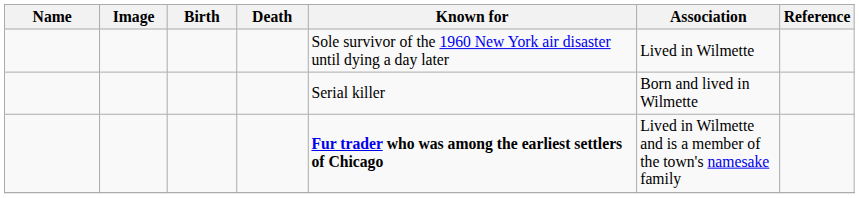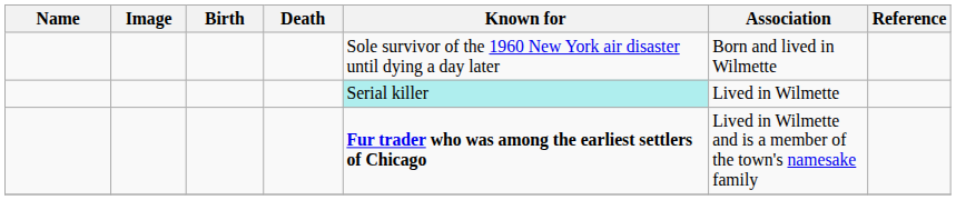 <table class="wikitable sortable">
 <tr>
 <th scope="col" width="140">Name</th>
 <th scope="col" width="80" class="unsortable">Image</th>
 <th scope="col" width="90">Birth</th>
 <th scope="col" width="90">Death</th>
 <th scope="col" width="600" class="unsortable">Known for</th>
 <th scope="col" width="200" class="unsortable">Association</th>
 <th scope="col" width="30" class="unsortable">Reference</th>
 </tr>
 <tr>
 <td></td>
 <td></td>
 <td align=right></td>
 <td align=right></td>
 <td>Sole survivor of the <a href='#'>1960 New York air disaster</a> until dying a day later</td>
-<td>Lived in Wilmette</td>
+<td>Born and lived in Wilmette</td>
 <td align="center"></td>
 </tr>
 <tr>
 <td></td>
 <td></td>
 <td align=right></td>
 <td align=right></td>
-<td>Serial killer</td>
-<td>Born and lived in Wilmette</td>
+<td style="background: paleturquoise;">Serial killer</td>
+<td>Lived in Wilmette</td>
 <td align="center"></td>
 </tr>
 <tr>
 <td></td>
 <td></td>
 <td align=right></td>
 <td align=right></td>
 <td><strong><a href='#'>Fur trader</a> who was among the earliest settlers of Chicago</strong></td>
 <td>Lived in Wilmette and is a member of the town's <a href='#'>namesake</a> family</td>
 <td align="center"></td>
 </tr>
 <tr Race Banon- Fictionalized character from Johnny Quest Cartoon is said to have been born in Wilmette, IL>
 </tr>
 </table>
